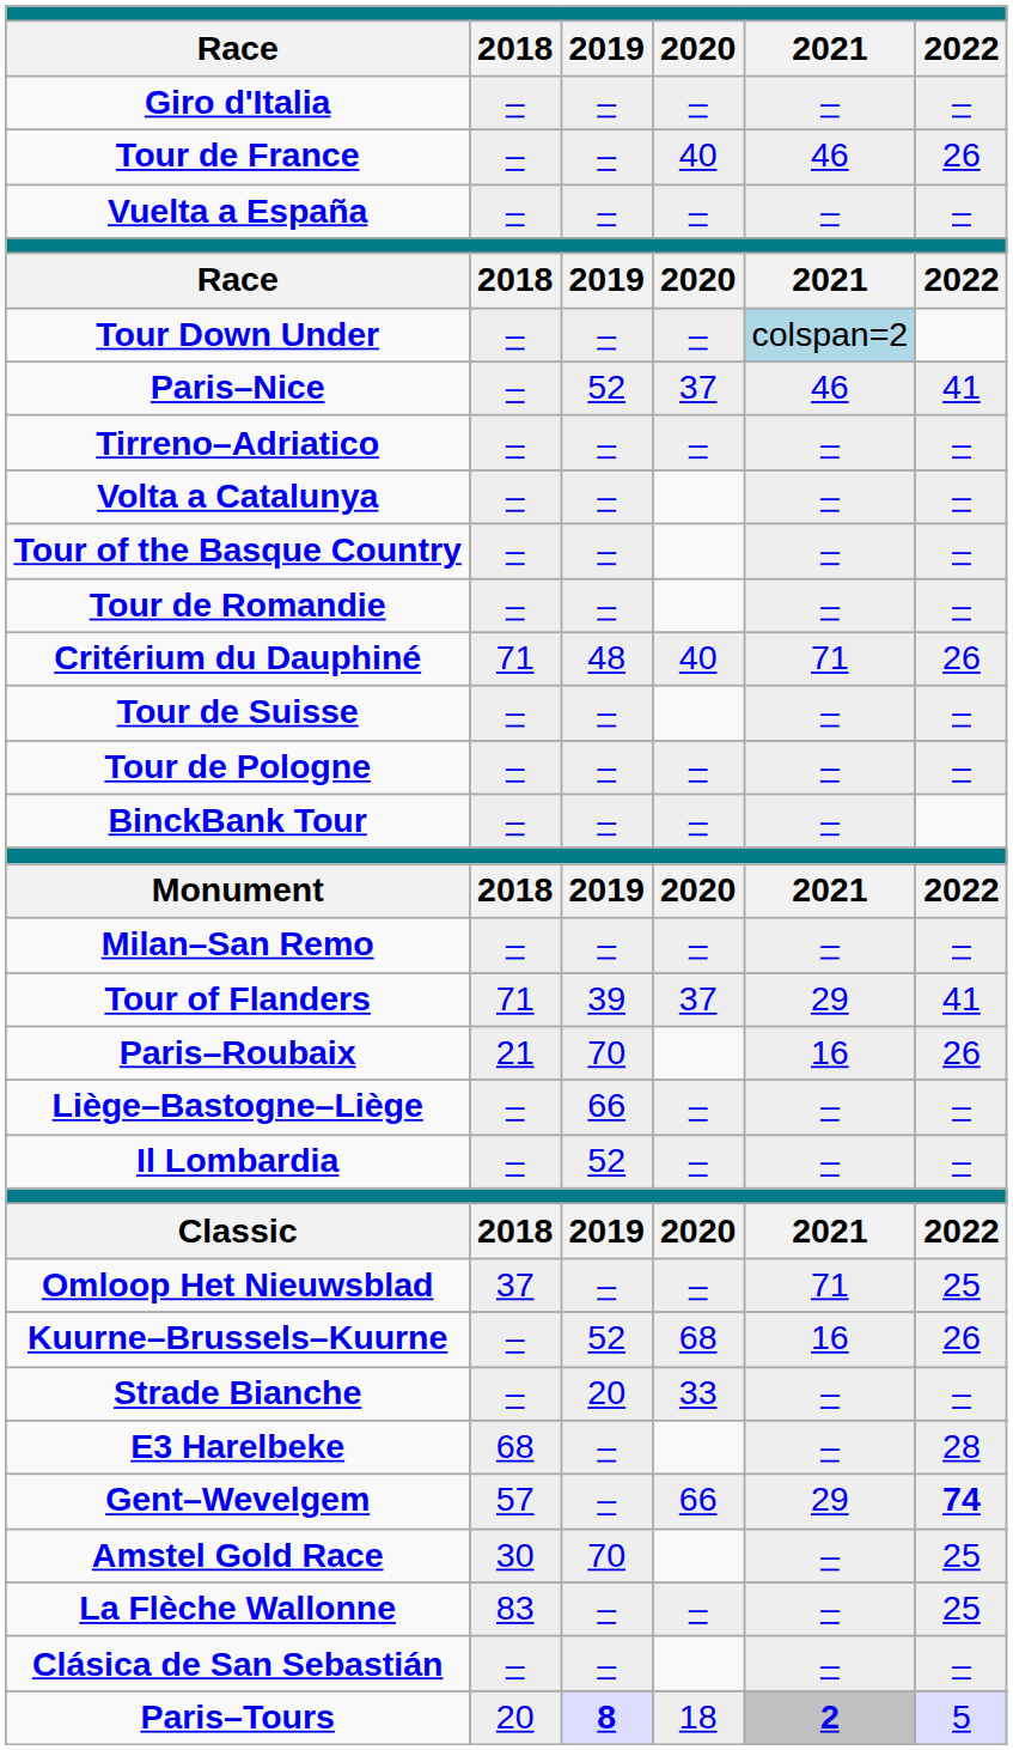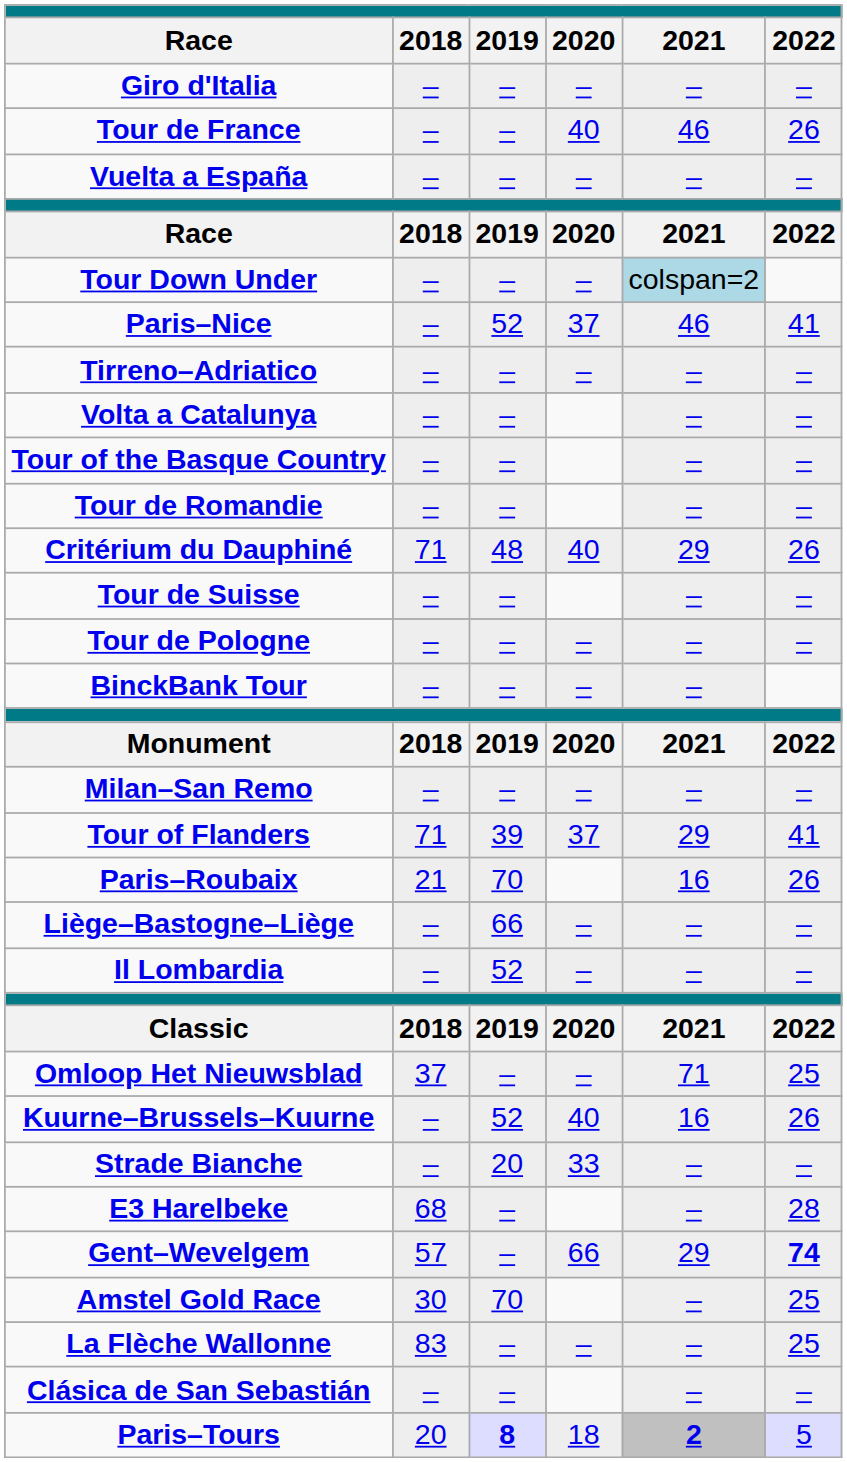 <table class="wikitable">
 <tr>
 <td style="background:#007a87;" colspan=30><strong></strong></td>
 </tr>
 <tr>
 <th>Race</th>
 <th>2018</th>
 <th>2019</th>
 <th>2020</th>
 <th>2021</th>
 <th>2022</th>
 </tr>
 <tr align="center">
 <td><strong><a href='#'>Giro d'Italia</a></strong></td>
 <td style="background:#eee;"><a href='#'>–</a></td>
 <td style="background:#eee;"><a href='#'>–</a></td>
 <td style="background:#eee;"><a href='#'>–</a></td>
 <td style="background:#eee;"><a href='#'>–</a></td>
 <td style="background:#eee;"><a href='#'>–</a></td>
 </tr>
 <tr align="center">
 <td><strong><a href='#'>Tour de France</a></strong></td>
 <td style="background:#eee;"><a href='#'>–</a></td>
 <td style="background:#eee;"><a href='#'>–</a></td>
 <td style="background:#eee;"><a href='#'>40</a></td>
 <td style="background:#eee;"><a href='#'>46</a></td>
 <td style="background:#eee;"><a href='#'>26</a></td>
 </tr>
 <tr align="center">
 <td><strong><a href='#'>Vuelta a España</a></strong></td>
 <td style="background:#eee;"><a href='#'>–</a></td>
 <td style="background:#eee;"><a href='#'>–</a></td>
 <td style="background:#eee;"><a href='#'>–</a></td>
 <td style="background:#eee;"><a href='#'>–</a></td>
 <td style="background:#eee;"><a href='#'>–</a></td>
 </tr>
 <tr>
 <td style="background:#007a87;" colspan=30><strong></strong></td>
 </tr>
 <tr>
 <th>Race</th>
 <th>2018</th>
 <th>2019</th>
 <th>2020</th>
 <th>2021</th>
 <th>2022</th>
 </tr>
 <tr align="center">
 <td><strong><a href='#'>Tour Down Under</a></strong></td>
 <td style="background:#eee;"><a href='#'>–</a></td>
 <td style="background:#eee;"><a href='#'>–</a></td>
 <td style="background:#eee;"><a href='#'>–</a></td>
 <td style="background: lightblue;">colspan=2 </td>
 </tr>
 <tr align="center">
 <td><strong><a href='#'>Paris–Nice</a></strong></td>
 <td style="background:#eee;"><a href='#'>–</a></td>
 <td style="background:#eee;"><a href='#'>52</a></td>
 <td style="background:#eee;"><a href='#'>37</a></td>
 <td style="background:#eee;"><a href='#'>46</a></td>
 <td style="background:#eee;"><a href='#'>41</a></td>
 </tr>
 <tr align="center">
 <td><strong><a href='#'>Tirreno–Adriatico</a></strong></td>
 <td style="background:#eee;"><a href='#'>–</a></td>
 <td style="background:#eee;"><a href='#'>–</a></td>
 <td style="background:#eee;"><a href='#'>–</a></td>
 <td style="background:#eee;"><a href='#'>–</a></td>
 <td style="background:#eee;"><a href='#'>–</a></td>
 </tr>
 <tr align="center">
 <td><strong><a href='#'>Volta a Catalunya</a></strong></td>
 <td style="background:#eee;"><a href='#'>–</a></td>
 <td style="background:#eee;"><a href='#'>–</a></td>
 <td></td>
 <td style="background:#eee;"><a href='#'>–</a></td>
 <td style="background:#eee;"><a href='#'>–</a></td>
 </tr>
 <tr align="center">
 <td><strong><a href='#'>Tour of the Basque Country</a></strong></td>
 <td style="background:#eee;"><a href='#'>–</a></td>
 <td style="background:#eee;"><a href='#'>–</a></td>
 <td></td>
 <td style="background:#eee;"><a href='#'>–</a></td>
 <td style="background:#eee;"><a href='#'>–</a></td>
 </tr>
 <tr align="center">
 <td><strong><a href='#'>Tour de Romandie</a></strong></td>
 <td style="background:#eee;"><a href='#'>–</a></td>
 <td style="background:#eee;"><a href='#'>–</a></td>
 <td></td>
 <td style="background:#eee;"><a href='#'>–</a></td>
 <td style="background:#eee;"><a href='#'>–</a></td>
 </tr>
 <tr align="center">
 <td><strong><a href='#'>Critérium du Dauphiné</a></strong></td>
 <td style="background:#eee;"><a href='#'>71</a></td>
 <td style="background:#eee;"><a href='#'>48</a></td>
 <td style="background:#eee;"><a href='#'>40</a></td>
-<td style="background:#eee;"><a href='#'>71</a></td>
+<td style="background:#eee;"><a href='#'>29</a></td>
 <td style="background:#eee;"><a href='#'>26</a></td>
 </tr>
 <tr align="center">
 <td><strong><a href='#'>Tour de Suisse</a></strong></td>
 <td style="background:#eee;"><a href='#'>–</a></td>
 <td style="background:#eee;"><a href='#'>–</a></td>
 <td></td>
 <td style="background:#eee;"><a href='#'>–</a></td>
 <td style="background:#eee;"><a href='#'>–</a></td>
 </tr>
 <tr align="center">
 <td><strong><a href='#'>Tour de Pologne</a></strong></td>
 <td style="background:#eee;"><a href='#'>–</a></td>
 <td style="background:#eee;"><a href='#'>–</a></td>
 <td style="background:#eee;"><a href='#'>–</a></td>
 <td style="background:#eee;"><a href='#'>–</a></td>
 <td style="background:#eee;"><a href='#'>–</a></td>
 </tr>
 <tr align="center">
 <td><strong><a href='#'>BinckBank Tour</a></strong></td>
 <td style="background:#eee;"><a href='#'>–</a></td>
 <td style="background:#eee;"><a href='#'>–</a></td>
 <td style="background:#eee;"><a href='#'>–</a></td>
 <td style="background:#eee;"><a href='#'>–</a></td>
 <td></td>
 </tr>
 <tr>
 <td style="background:#007a87;" colspan=30><strong></strong></td>
 </tr>
 <tr>
 <th>Monument</th>
 <th>2018</th>
 <th>2019</th>
 <th>2020</th>
 <th>2021</th>
 <th>2022</th>
 </tr>
 <tr align="center">
 <td><strong><a href='#'>Milan–San Remo</a></strong></td>
 <td style="background:#eee;"><a href='#'>–</a></td>
 <td style="background:#eee;"><a href='#'>–</a></td>
 <td style="background:#eee;"><a href='#'>–</a></td>
 <td style="background:#eee;"><a href='#'>–</a></td>
 <td style="background:#eee;"><a href='#'>–</a></td>
 </tr>
 <tr align="center">
 <td><strong><a href='#'>Tour of Flanders</a></strong></td>
 <td style="background:#eee;"><a href='#'>71</a></td>
 <td style="background:#eee;"><a href='#'>39</a></td>
 <td style="background:#eee;"><a href='#'>37</a></td>
 <td style="background:#eee;"><a href='#'>29</a></td>
 <td style="background:#eee;"><a href='#'>41</a></td>
 </tr>
 <tr align="center">
 <td><strong><a href='#'>Paris–Roubaix</a></strong></td>
 <td style="background:#eee;"><a href='#'>21</a></td>
 <td style="background:#eee;"><a href='#'>70</a></td>
 <td></td>
 <td style="background:#eee;"><a href='#'>16</a></td>
 <td style="background:#eee;"><a href='#'>26</a></td>
 </tr>
 <tr align="center">
 <td><strong><a href='#'>Liège–Bastogne–Liège</a></strong></td>
 <td style="background:#eee;"><a href='#'>–</a></td>
 <td style="background:#eee;"><a href='#'>66</a></td>
 <td style="background:#eee;"><a href='#'>–</a></td>
 <td style="background:#eee;"><a href='#'>–</a></td>
 <td style="background:#eee;"><a href='#'>–</a></td>
 </tr>
 <tr align="center">
 <td><strong><a href='#'>Il Lombardia</a></strong></td>
 <td style="background:#eee;"><a href='#'>–</a></td>
 <td style="background:#eee;"><a href='#'>52</a></td>
 <td style="background:#eee;"><a href='#'>–</a></td>
 <td style="background:#eee;"><a href='#'>–</a></td>
 <td style="background:#eee;"><a href='#'>–</a></td>
 </tr>
 <tr>
 <td style="background:#007a87;" colspan=30><strong></strong></td>
 </tr>
 <tr>
 <th>Classic</th>
 <th>2018</th>
 <th>2019</th>
 <th>2020</th>
 <th>2021</th>
 <th>2022</th>
 </tr>
 <tr align="center">
 <td><strong><a href='#'>Omloop Het Nieuwsblad</a></strong></td>
 <td style="background:#eee;"><a href='#'>37</a></td>
 <td style="background:#eee;"><a href='#'>–</a></td>
 <td style="background:#eee;"><a href='#'>–</a></td>
 <td style="background:#eee;"><a href='#'>71</a></td>
 <td style="background:#eee;"><a href='#'>25</a></td>
 </tr>
 <tr align="center">
 <td><strong><a href='#'>Kuurne–Brussels–Kuurne</a></strong></td>
 <td style="background:#eee;"><a href='#'>–</a></td>
 <td style="background:#eee;"><a href='#'>52</a></td>
-<td style="background:#eee;"><a href='#'>68</a></td>
+<td style="background:#eee;"><a href='#'>40</a></td>
 <td style="background:#eee;"><a href='#'>16</a></td>
 <td style="background:#eee;"><a href='#'>26</a></td>
 </tr>
 <tr align="center">
 <td><strong><a href='#'>Strade Bianche</a></strong></td>
 <td style="background:#eee;"><a href='#'>–</a></td>
 <td style="background:#eee;"><a href='#'>20</a></td>
 <td style="background:#eee;"><a href='#'>33</a></td>
 <td style="background:#eee;"><a href='#'>–</a></td>
 <td style="background:#eee;"><a href='#'>–</a></td>
 </tr>
 <tr align="center">
 <td><strong><a href='#'>E3 Harelbeke</a></strong></td>
 <td style="background:#eee;"><a href='#'>68</a></td>
 <td style="background:#eee;"><a href='#'>–</a></td>
 <td></td>
 <td style="background:#eee;"><a href='#'>–</a></td>
 <td style="background:#eee;"><a href='#'>28</a></td>
 </tr>
 <tr align="center">
 <td><strong><a href='#'>Gent–Wevelgem</a></strong></td>
 <td style="background:#eee;"><a href='#'>57</a></td>
 <td style="background:#eee;"><a href='#'>–</a></td>
 <td style="background:#eee;"><a href='#'>66</a></td>
 <td style="background:#eee;"><a href='#'>29</a></td>
 <td style="background:#eee;"><strong><a href='#'>74</a></strong></td>
 </tr>
 <tr align="center">
 <td><strong><a href='#'>Amstel Gold Race</a></strong></td>
 <td style="background:#eee;"><a href='#'>30</a></td>
 <td style="background:#eee;"><a href='#'>70</a></td>
 <td></td>
 <td style="background:#eee;"><a href='#'>–</a></td>
 <td style="background:#eee;"><a href='#'>25</a></td>
 </tr>
 <tr align="center">
 <td><strong><a href='#'>La Flèche Wallonne</a></strong></td>
 <td style="background:#eee;"><a href='#'>83</a></td>
 <td style="background:#eee;"><a href='#'>–</a></td>
 <td style="background:#eee;"><a href='#'>–</a></td>
 <td style="background:#eee;"><a href='#'>–</a></td>
 <td style="background:#eee;"><a href='#'>25</a></td>
 </tr>
 <tr align="center">
 <td><strong><a href='#'>Clásica de San Sebastián</a></strong></td>
 <td style="background:#eee;"><a href='#'>–</a></td>
 <td style="background:#eee;"><a href='#'>–</a></td>
 <td></td>
 <td style="background:#eee;"><a href='#'>–</a></td>
 <td style="background:#eee;"><a href='#'>–</a></td>
 </tr>
 <tr align="center">
 <td><strong><a href='#'>Paris–Tours</a></strong></td>
 <td style="background:#eee;"><a href='#'>20</a></td>
 <td style="background:#ddf;"><strong><a href='#'>8</a></strong></td>
 <td style="background:#eee;"><a href='#'>18</a></td>
 <td style="background:silver;"><a href='#'><strong>2</strong></a></td>
 <td style="background:#ddf;"><a href='#'>5</a></td>
 </tr>
 </table>
